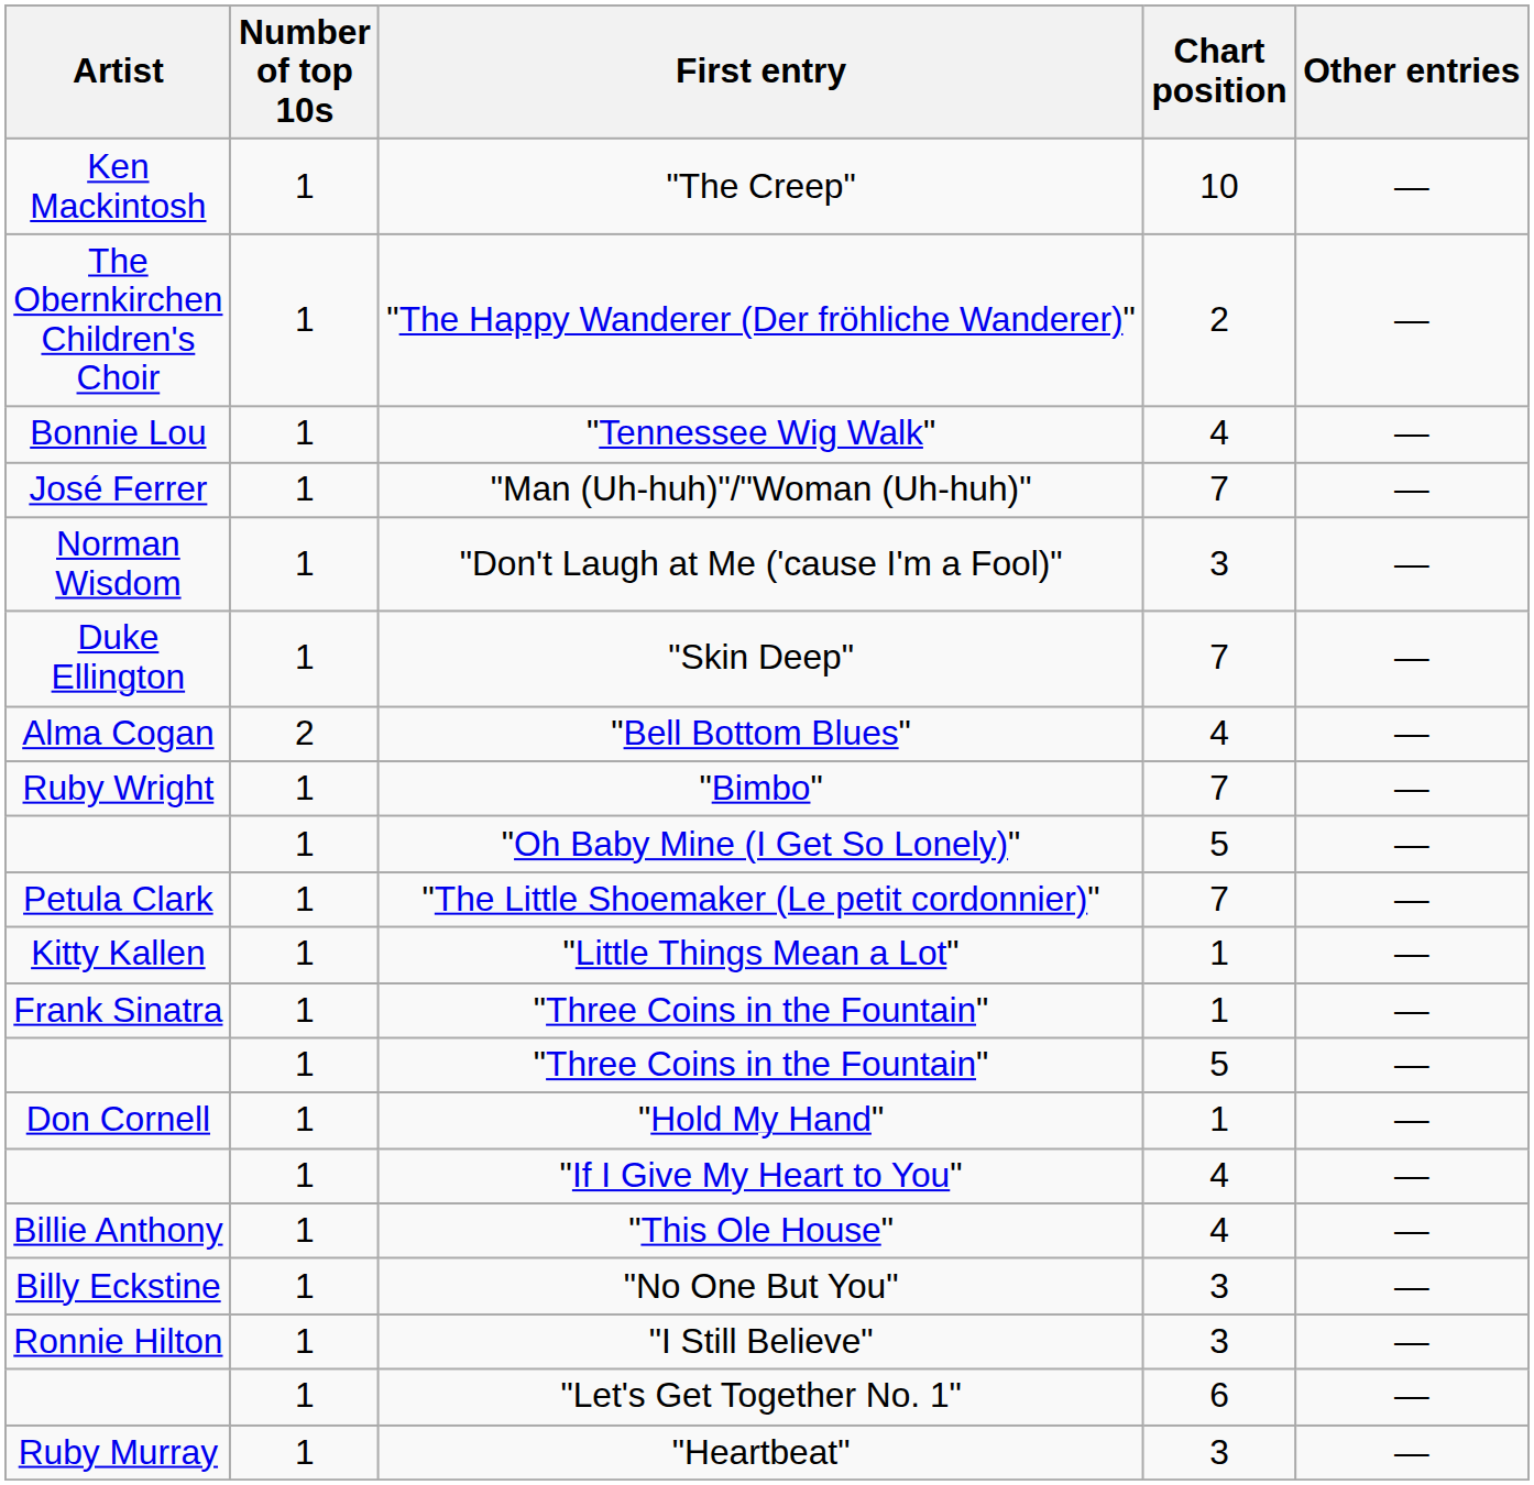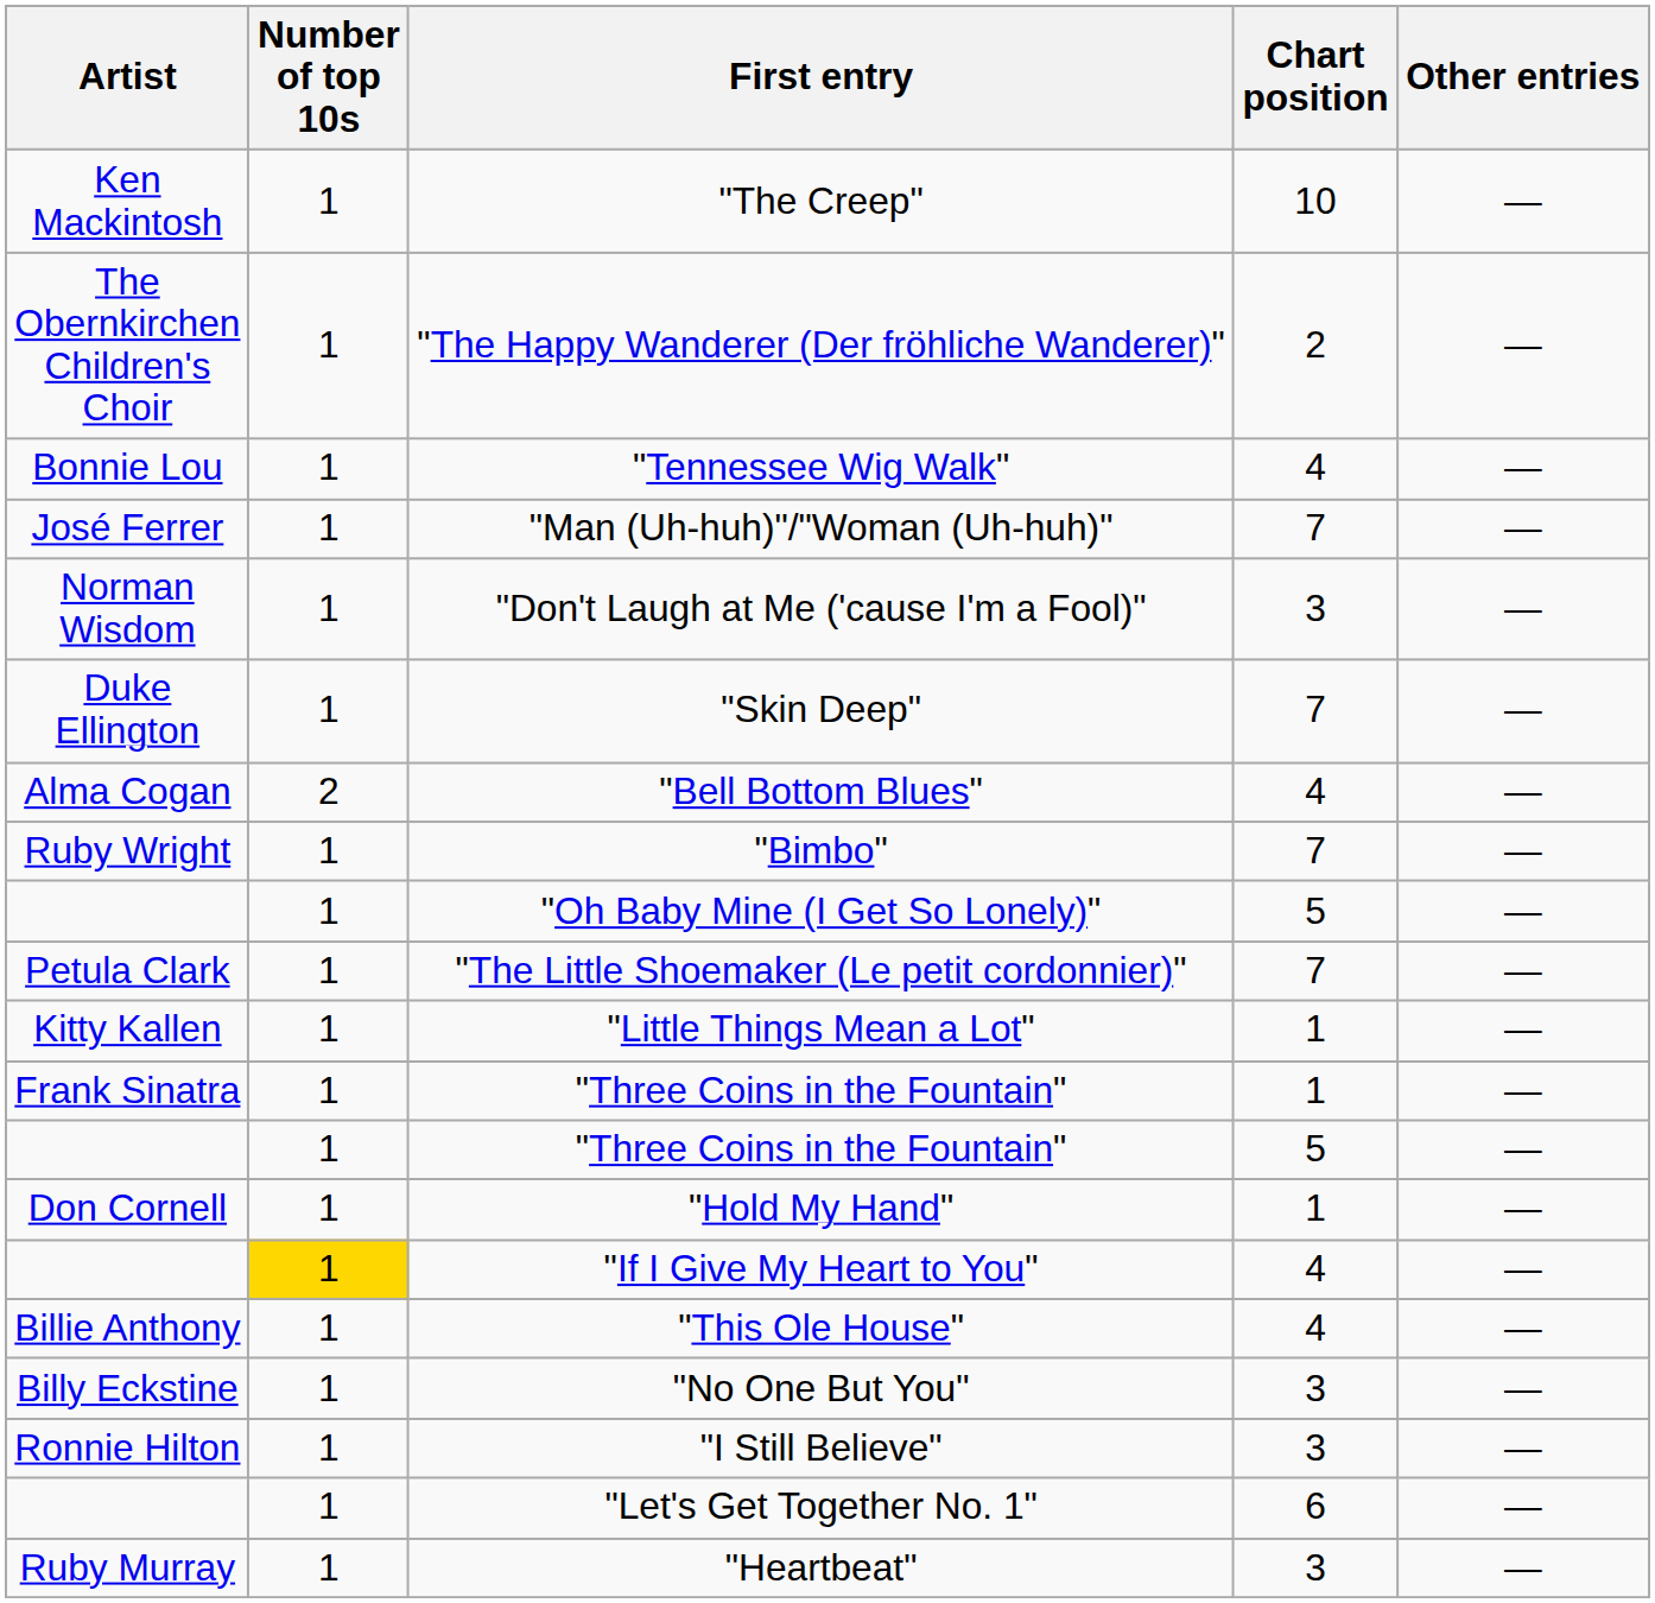 <table class="wikitable sortable mw-collapsible mw-collapsed" style="text-align:center;">
 <tr>
 <th scope="col" style="width:55px;">Artist</th>
 <th scope="col" style="width:55px;" data-sort-type="number">Number of top 10s</th>
 <th scope="col" style="text-align:center;">First entry</th>
 <th scope="col" style="width:55px;" data-sort-type="number">Chart position</th>
 <th scope="col" style="text-align:center;">Other entries</th>
 </tr>
 <tr>
 <td><a href='#'>Ken Mackintosh</a></td>
 <td>1</td>
 <td>"The Creep"</td>
 <td>10</td>
 <td>—</td>
 </tr>
 <tr>
 <td><a href='#'>The Obernkirchen Children's Choir</a></td>
 <td>1</td>
 <td>"<a href='#'>The Happy Wanderer (Der fröhliche Wanderer)</a>"</td>
 <td>2</td>
 <td>—</td>
 </tr>
 <tr>
 <td><a href='#'>Bonnie Lou</a></td>
 <td>1</td>
 <td>"<a href='#'>Tennessee Wig Walk</a>"</td>
 <td>4</td>
 <td>—</td>
 </tr>
 <tr>
 <td><a href='#'>José Ferrer</a></td>
 <td>1</td>
 <td>"Man (Uh-huh)"/"Woman (Uh-huh)"</td>
 <td>7</td>
 <td>—</td>
 </tr>
 <tr>
 <td><a href='#'>Norman Wisdom</a></td>
 <td>1</td>
 <td>"Don't Laugh at Me ('cause I'm a Fool)"</td>
 <td>3</td>
 <td>—</td>
 </tr>
 <tr>
 <td><a href='#'>Duke Ellington</a></td>
 <td>1</td>
 <td>"Skin Deep"</td>
 <td>7</td>
 <td>—</td>
 </tr>
 <tr>
 <td><a href='#'>Alma Cogan</a></td>
 <td>2</td>
 <td>"<a href='#'>Bell Bottom Blues</a>"</td>
 <td>4</td>
 <td>—</td>
 </tr>
 <tr>
 <td><a href='#'>Ruby Wright</a></td>
 <td>1</td>
 <td>"<a href='#'>Bimbo</a>"</td>
 <td>7</td>
 <td>—</td>
 </tr>
 <tr>
 <td></td>
 <td>1</td>
 <td>"<a href='#'>Oh Baby Mine (I Get So Lonely)</a>"</td>
 <td>5</td>
 <td>—</td>
 </tr>
 <tr>
 <td><a href='#'>Petula Clark</a></td>
 <td>1</td>
 <td>"<a href='#'>The Little Shoemaker (Le petit cordonnier)</a>"</td>
 <td>7</td>
 <td>—</td>
 </tr>
 <tr>
 <td><a href='#'>Kitty Kallen</a></td>
 <td>1</td>
 <td>"<a href='#'>Little Things Mean a Lot</a>"</td>
 <td>1</td>
 <td>—</td>
 </tr>
 <tr>
 <td><a href='#'>Frank Sinatra</a></td>
 <td>1</td>
 <td>"<a href='#'>Three Coins in the Fountain</a>"</td>
 <td>1</td>
 <td>—</td>
 </tr>
 <tr>
 <td></td>
 <td>1</td>
 <td>"<a href='#'>Three Coins in the Fountain</a>"</td>
 <td>5</td>
 <td>—</td>
 </tr>
 <tr>
 <td><a href='#'>Don Cornell</a></td>
 <td>1</td>
 <td>"<a href='#'>Hold My Hand</a>"</td>
 <td>1</td>
 <td>—</td>
 </tr>
 <tr>
 <td></td>
-<td>1</td>
+<td style="background: gold;">1</td>
 <td>"<a href='#'>If I Give My Heart to You</a>"</td>
 <td>4</td>
 <td>—</td>
 </tr>
 <tr>
 <td><a href='#'>Billie Anthony</a></td>
 <td>1</td>
 <td>"<a href='#'>This Ole House</a>"</td>
 <td>4</td>
 <td>—</td>
 </tr>
 <tr>
 <td><a href='#'>Billy Eckstine</a></td>
 <td>1</td>
 <td>"No One But You" </td>
 <td>3</td>
 <td>—</td>
 </tr>
 <tr>
 <td><a href='#'>Ronnie Hilton</a></td>
 <td>1</td>
 <td>"I Still Believe"</td>
 <td>3</td>
 <td>—</td>
 </tr>
 <tr>
 <td></td>
 <td>1</td>
 <td>"Let's Get Together No. 1"</td>
 <td>6</td>
 <td>—</td>
 </tr>
 <tr>
 <td><a href='#'>Ruby Murray</a></td>
 <td>1</td>
 <td>"Heartbeat" </td>
 <td>3</td>
 <td>—</td>
 </tr>
 <tr>
 </tr>
 </table>
